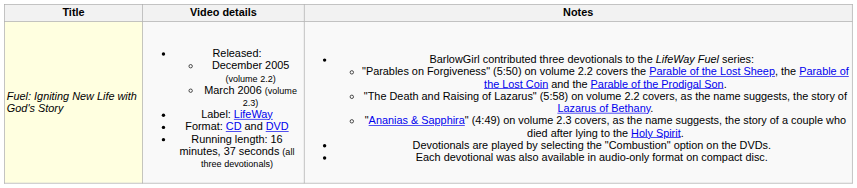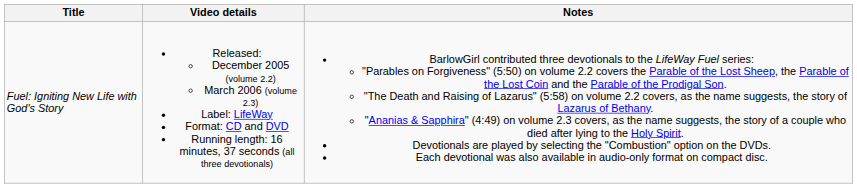 <table class="wikitable" style="text-align:center;">
 <tr>
 <th>Title</th>
 <th style="width:230px;">Video details</th>
 <th>Notes</th>
 </tr>
 <tr>
-<td align=left style="background: lightyellow;"><em>Fuel: Igniting New Life with God's Story</em></td>
+<td align=left><em>Fuel: Igniting New Life with God's Story</em></td>
 <td><br><ul><li>Released:<ul><li>December 2005 <small>(volume 2.2)</small></li><li>March 2006 <small>(volume 2.3)</small></li></ul></li><li>Label: <a href='#'>LifeWay</a></li><li>Format: <a href='#'>CD</a> and <a href='#'>DVD</a></li><li>Running length: 16 minutes, 37 seconds <small>(all three devotionals)</small></li></ul></td>
 <td><br><ul><li>BarlowGirl contributed three devotionals to the <em>LifeWay Fuel</em> series:<ul><li>"Parables on Forgiveness" (5:50) on volume 2.2 covers the <a href='#'>Parable of the Lost Sheep</a>, the <a href='#'>Parable of the Lost Coin</a> and the <a href='#'>Parable of the Prodigal Son</a>.</li><li>"The Death and Raising of Lazarus" (5:58) on volume 2.2 covers, as the name suggests, the story of <a href='#'>Lazarus of Bethany</a>.</li><li>"<a href='#'>Ananias & Sapphira</a>" (4:49) on volume 2.3 covers, as the name suggests, the story of a couple who died after lying to the <a href='#'>Holy Spirit</a>.</li></ul></li><li>Devotionals are played by selecting the "Combustion" option on the DVDs.</li><li>Each devotional was also available in audio-only format on compact disc.</li></ul></td>
 </tr>
 </table>
